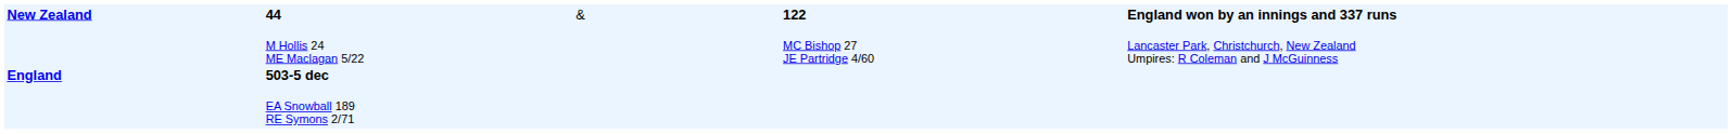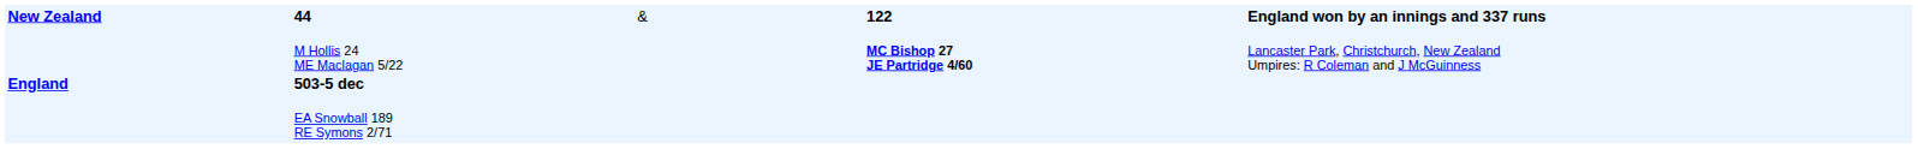 <table width="100%" style="background: #EBF5FF">
 <tr>
 <td width="15%" valign="top" rowspan="2"> <strong><a href='#'>New Zealand</a></strong></td>
 <td width="18%"><strong>44</strong></td>
 <td width="12%">&</td>
 <td width="20%"><strong>122</strong></td>
 <td width="35%"><strong>England won by an innings and 337 runs</strong></td>
 </tr>
 <tr>
 <td style="font-size: 85%;" valign="top"><br><a href='#'>M Hollis</a> 24<br> <a href='#'>ME Maclagan</a> 5/22</td>
 <td></td>
-<td style="font-size: 85%;"><br><a href='#'>MC Bishop</a> 27<br> <a href='#'>JE Partridge</a> 4/60</td>
+<td style="font-size: 85%;"><strong><br><a href='#'>MC Bishop</a> 27<br> <a href='#'>JE Partridge</a> 4/60</strong></td>
 <td valign="top" style="font-size: 85%;" rowspan="3"><br><a href='#'>Lancaster Park</a>, <a href='#'>Christchurch</a>, <a href='#'>New Zealand</a><br> Umpires: <a href='#'>R Coleman</a> and <a href='#'>J McGuinness</a><br></td>
 </tr>
 <tr>
 <td valign="top" rowspan="2"> <strong><a href='#'>England</a></strong></td>
 <td><strong>503-5 dec</strong></td>
 <td></td>
 <td></td>
 </tr>
 <tr>
 <td style="font-size: 85%;"><br><a href='#'>EA Snowball</a> 189<br> <a href='#'>RE Symons</a> 2/71</td>
 <td></td>
 </tr>
 </table>
